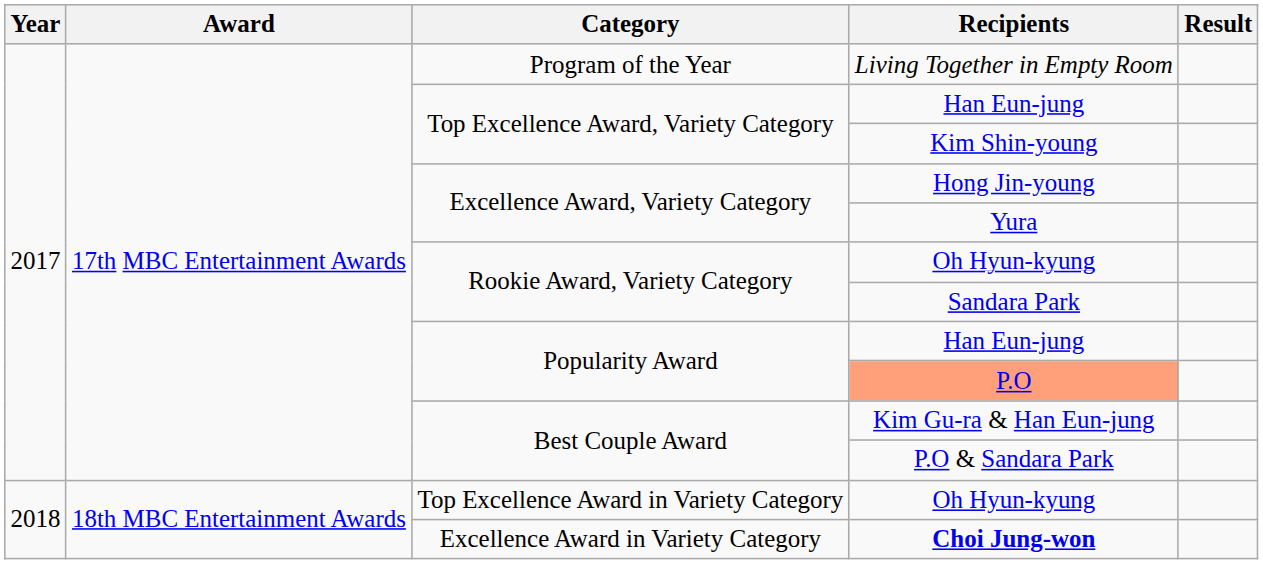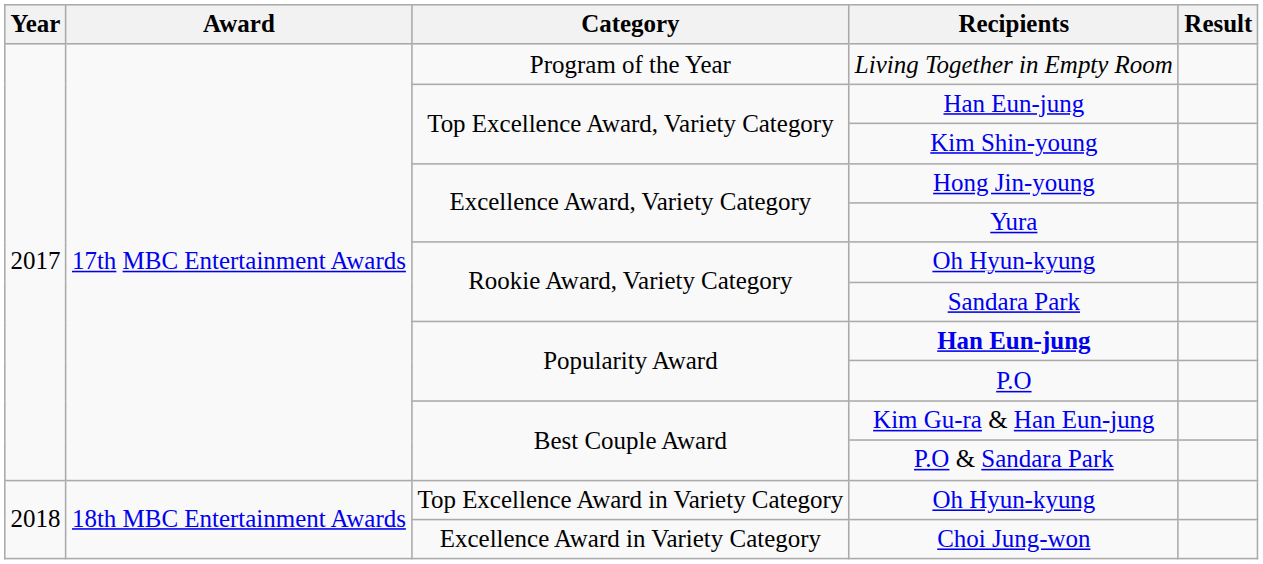 <table class="wikitable" style="text-align:center">
 <tr>
 <th>Year</th>
 <th>Award</th>
 <th>Category</th>
 <th>Recipients</th>
 <th>Result</th>
 </tr>
 <tr>
 <td rowspan=11>2017</td>
 <td rowspan=11><a href='#'>17th</a> <a href='#'>MBC Entertainment Awards</a></td>
 <td>Program of the Year</td>
 <td><em>Living Together in Empty Room</em></td>
 <td></td>
 </tr>
 <tr>
 <td rowspan=2>Top Excellence Award, Variety Category</td>
 <td><a href='#'>Han Eun-jung</a></td>
 <td></td>
 </tr>
 <tr>
 <td><a href='#'>Kim Shin-young</a></td>
 <td></td>
 </tr>
 <tr>
 <td rowspan=2>Excellence Award, Variety Category</td>
 <td><a href='#'>Hong Jin-young</a></td>
 <td></td>
 </tr>
 <tr>
 <td><a href='#'>Yura</a></td>
 <td></td>
 </tr>
 <tr>
 <td rowspan=2>Rookie Award, Variety Category</td>
 <td><a href='#'>Oh Hyun-kyung</a></td>
 <td></td>
 </tr>
 <tr>
 <td><a href='#'>Sandara Park</a></td>
 <td></td>
 </tr>
 <tr>
 <td rowspan=2>Popularity Award</td>
-<td><a href='#'>Han Eun-jung</a></td>
+<td><strong><a href='#'>Han Eun-jung</a></strong></td>
 <td></td>
 </tr>
 <tr>
-<td style="background: lightsalmon;"><a href='#'>P.O</a></td>
+<td><a href='#'>P.O</a></td>
 <td></td>
 </tr>
 <tr>
 <td rowspan=2>Best Couple Award</td>
 <td><a href='#'>Kim Gu-ra</a> & <a href='#'>Han Eun-jung</a></td>
 <td></td>
 </tr>
 <tr>
 <td><a href='#'>P.O</a> & <a href='#'>Sandara Park</a></td>
 <td></td>
 </tr>
 <tr>
 <td rowspan=2>2018</td>
 <td rowspan=2><a href='#'>18th MBC Entertainment Awards</a></td>
 <td>Top Excellence Award in Variety Category</td>
 <td><a href='#'>Oh Hyun-kyung</a></td>
 <td></td>
 </tr>
 <tr>
 <td>Excellence Award in Variety Category</td>
-<td><strong><a href='#'>Choi Jung-won</a></strong></td>
+<td><a href='#'>Choi Jung-won</a></td>
 <td></td>
 </tr>
 </table>
